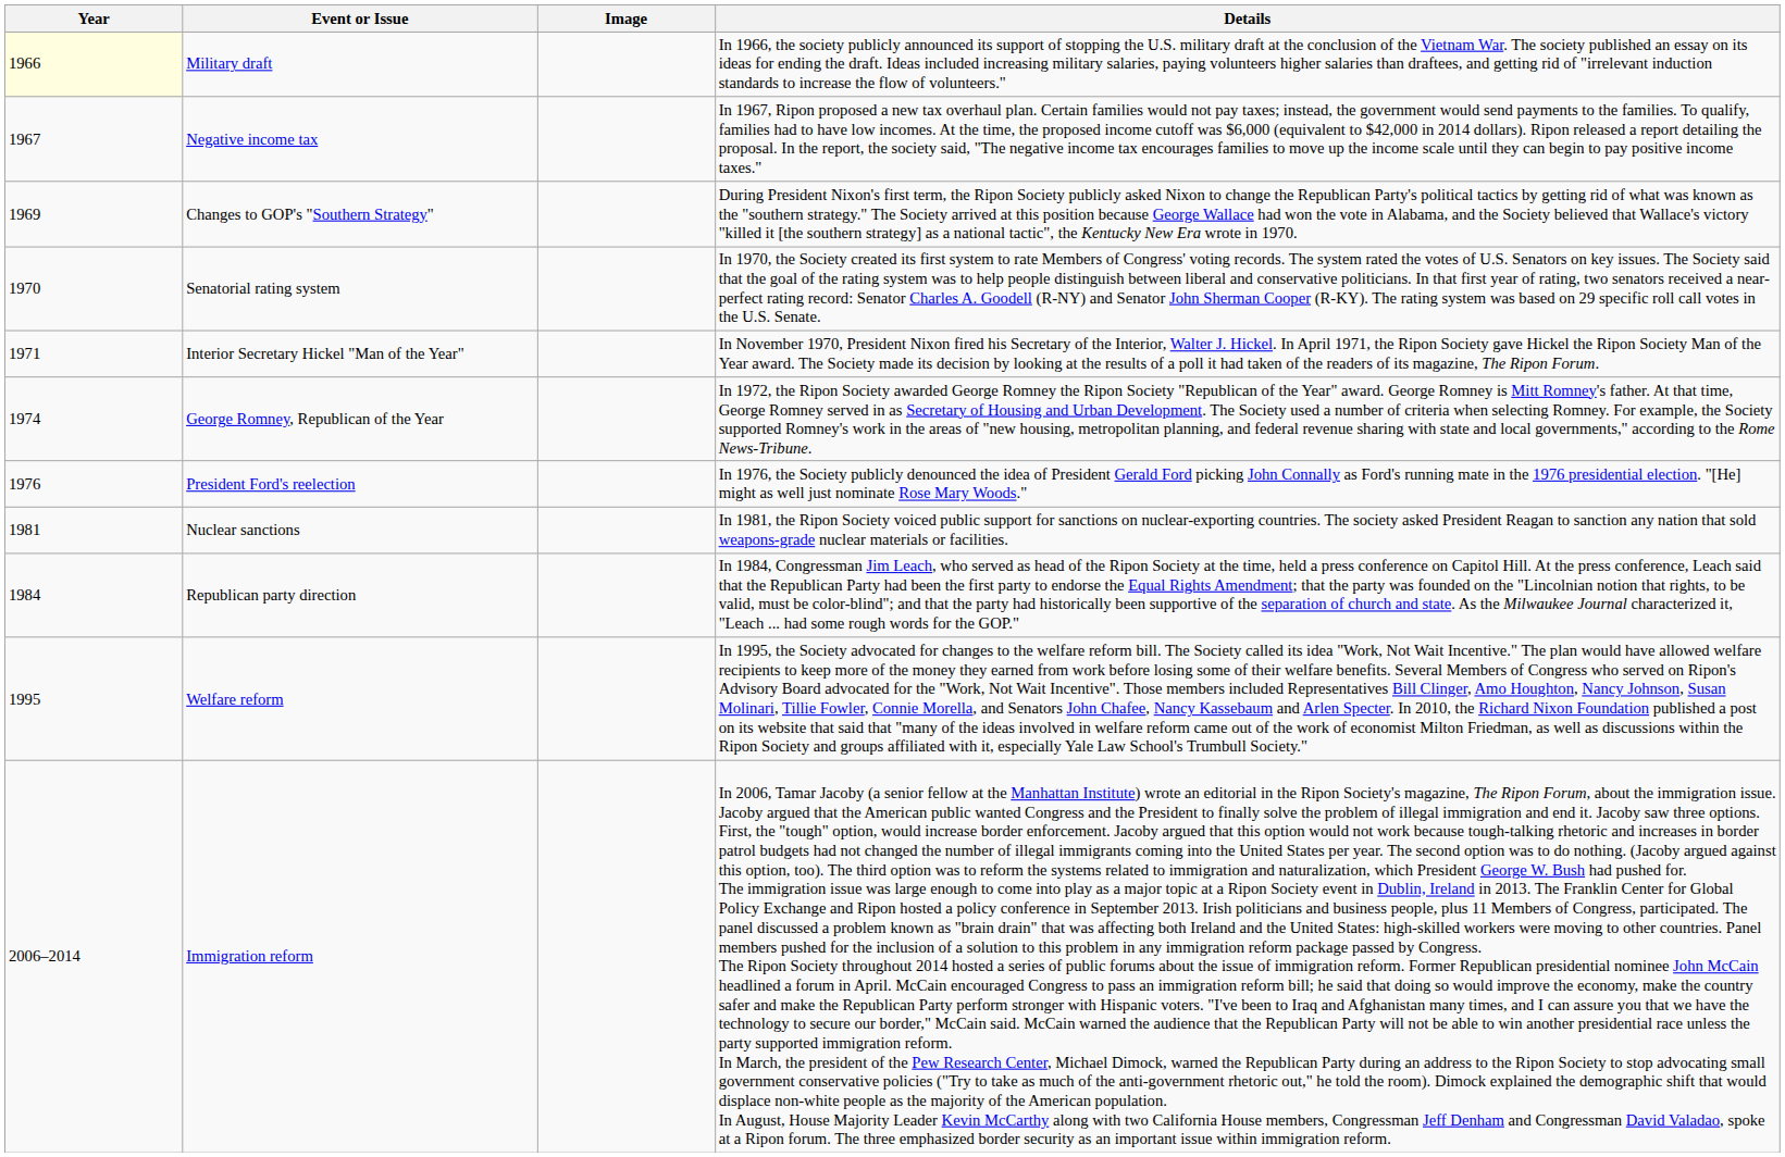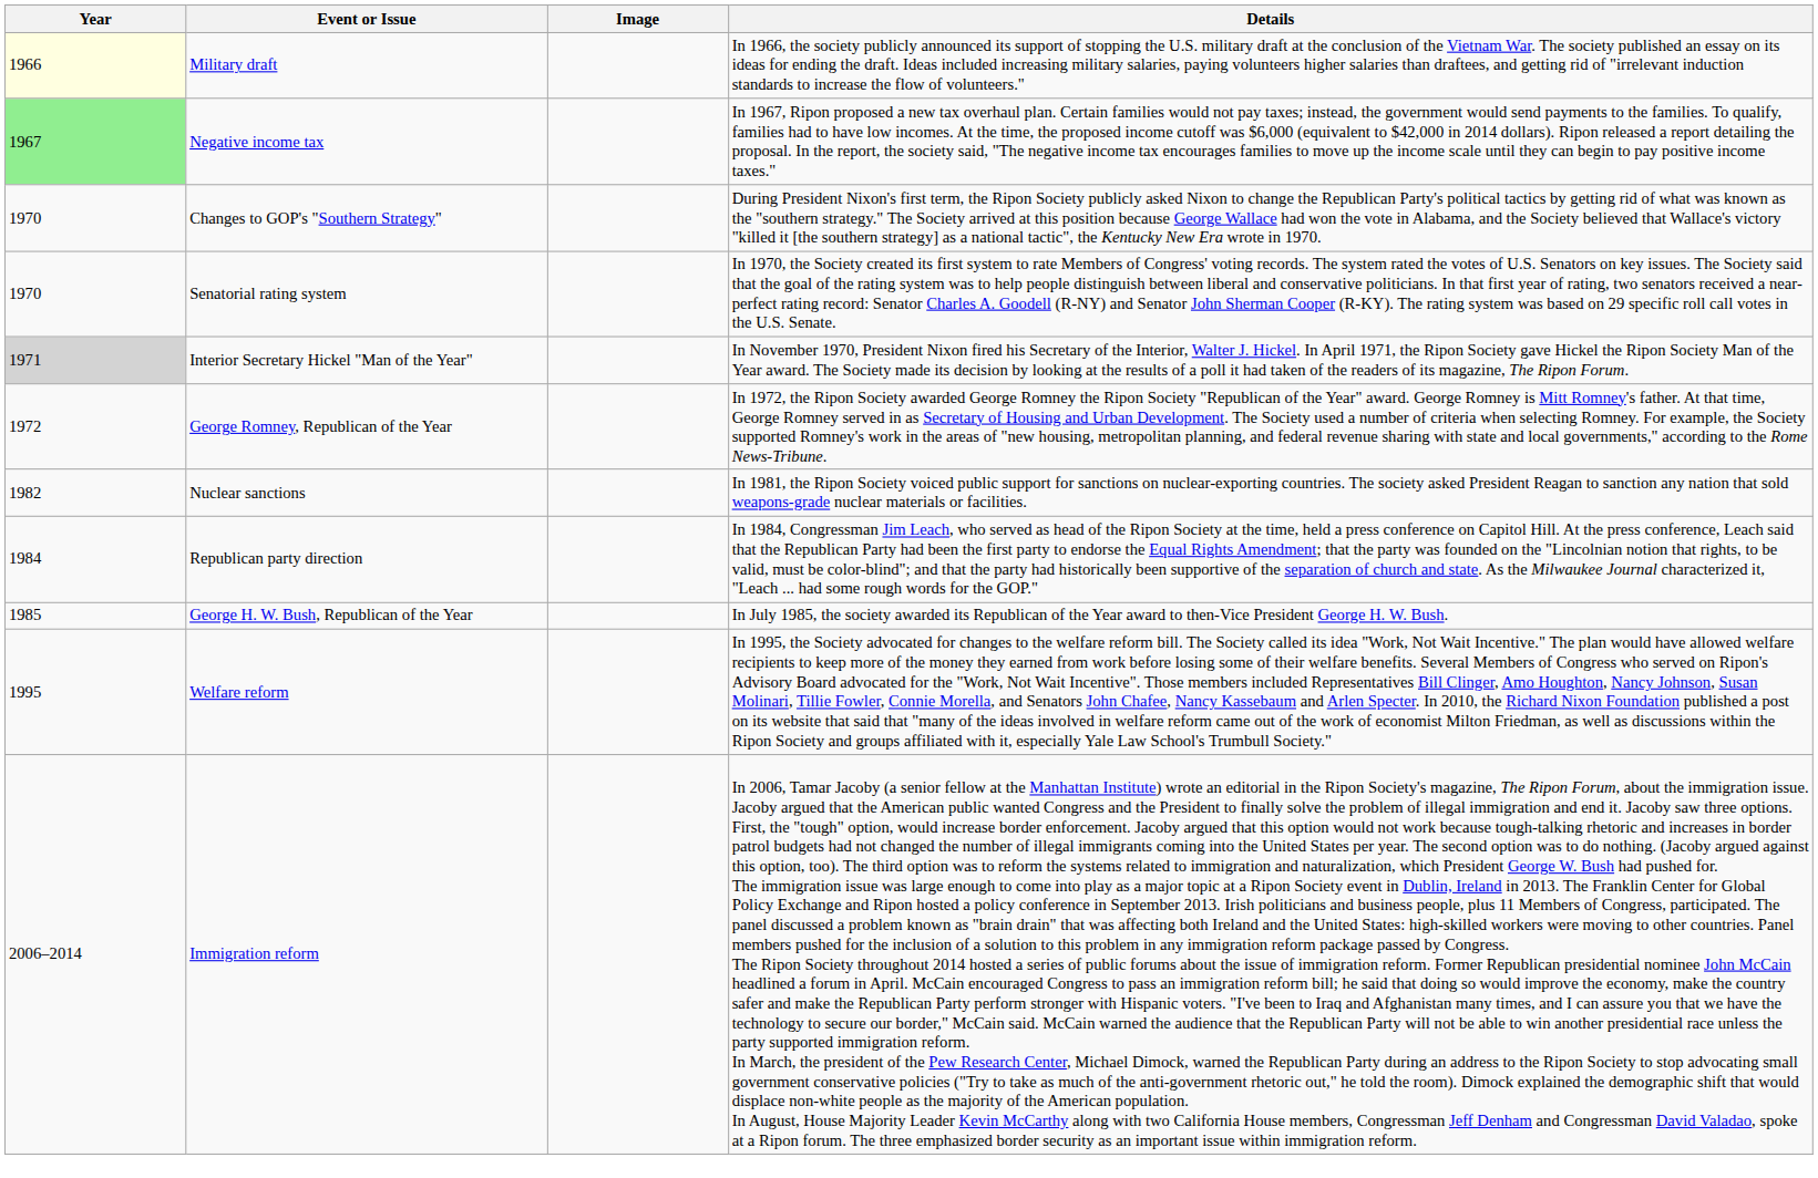 <table border="1" class="wikitable" style="font-size:88%;">
 <tr>
 <th scope="col" width="10%">Year</th>
 <th scope="col" width="20%">Event or Issue</th>
 <th scope="col" width="10%">Image</th>
 <th scope="col" width="60%">Details</th>
 </tr>
 <tr>
 <td style="background: lightyellow;">1966</td>
 <td><a href='#'>Military draft</a></td>
 <td><br></td>
 <td>In 1966, the society publicly announced its support of stopping the U.S. military draft at the conclusion of the <a href='#'>Vietnam War</a>. The society published an essay on its ideas for ending the draft. Ideas included increasing military salaries, paying volunteers higher salaries than draftees, and getting rid of "irrelevant induction standards to increase the flow of volunteers."</td>
 </tr>
 <tr>
-<td>1967</td>
+<td style="background: lightgreen;">1967</td>
 <td><a href='#'>Negative income tax</a></td>
 <td><br></td>
 <td>In 1967, Ripon proposed a new tax overhaul plan. Certain families would not pay taxes; instead, the government would send payments to the families. To qualify, families had to have low incomes. At the time, the proposed income cutoff was $6,000 (equivalent to $42,000 in 2014 dollars). Ripon released a report detailing the proposal. In the report, the society said, "The negative income tax encourages families to move up the income scale until they can begin to pay positive income taxes."</td>
 </tr>
 <tr>
-<td>1969</td>
+<td>1970</td>
 <td>Changes to GOP's "<a href='#'>Southern Strategy</a>"</td>
 <td><br></td>
 <td>During President Nixon's first term, the Ripon Society publicly asked Nixon to change the Republican Party's political tactics by getting rid of what was known as the "southern strategy." The Society arrived at this position because <a href='#'>George Wallace</a> had won the vote in Alabama, and the Society believed that Wallace's victory "killed it [the southern strategy] as a national tactic", the <em>Kentucky New Era</em> wrote in 1970.</td>
 </tr>
 <tr>
 <td>1970</td>
 <td>Senatorial rating system</td>
 <td><br></td>
 <td>In 1970, the Society created its first system to rate Members of Congress' voting records. The system rated the votes of U.S. Senators on key issues. The Society said that the goal of the rating system was to help people distinguish between liberal and conservative politicians. In that first year of rating, two senators received a near-perfect rating record: Senator <a href='#'>Charles A. Goodell</a> (R-NY) and Senator <a href='#'>John Sherman Cooper</a> (R-KY). The rating system was based on 29 specific roll call votes in the U.S. Senate.</td>
 </tr>
 <tr>
-<td>1971</td>
+<td style="background: lightgrey;">1971</td>
 <td>Interior Secretary Hickel "Man of the Year"</td>
 <td><br></td>
 <td>In November 1970, President Nixon fired his Secretary of the Interior, <a href='#'>Walter J. Hickel</a>. In April 1971, the Ripon Society gave Hickel the Ripon Society Man of the Year award. The Society made its decision by looking at the results of a poll it had taken of the readers of its magazine, <em>The Ripon Forum</em>.</td>
 </tr>
 <tr>
-<td>1974</td>
+<td>1972</td>
 <td><a href='#'>George Romney</a>, Republican of the Year</td>
 <td><br></td>
 <td>In 1972, the Ripon Society awarded George Romney the Ripon Society "Republican of the Year" award. George Romney is <a href='#'>Mitt Romney</a>'s father. At that time, George Romney served in as <a href='#'>Secretary of Housing and Urban Development</a>. The Society used a number of criteria when selecting Romney. For example, the Society supported Romney's work in the areas of "new housing, metropolitan planning, and federal revenue sharing with state and local governments," according to the <em>Rome News-Tribune</em>.</td>
 </tr>
 <tr>
-<td>1976</td>
-<td><a href='#'>President Ford's reelection</a></td>
-<td><br></td>
-<td>In 1976, the Society publicly denounced the idea of President <a href='#'>Gerald Ford</a> picking <a href='#'>John Connally</a> as Ford's running mate in the <a href='#'>1976 presidential election</a>. "[He] might as well just nominate <a href='#'>Rose Mary Woods</a>."</td>
-</tr>
-<tr>
-<td>1981</td>
+<td>1982</td>
 <td>Nuclear sanctions</td>
 <td><br></td>
 <td>In 1981, the Ripon Society voiced public support for sanctions on nuclear-exporting countries. The society asked President Reagan to sanction any nation that sold <a href='#'>weapons-grade</a> nuclear materials or facilities.</td>
 </tr>
 <tr>
 <td>1984</td>
 <td>Republican party direction</td>
 <td><br> </td>
 <td>In 1984, Congressman <a href='#'>Jim Leach</a>, who served as head of the Ripon Society at the time, held a press conference on Capitol Hill. At the press conference, Leach said that the Republican Party had been the first party to endorse the <a href='#'>Equal Rights Amendment</a>; that the party was founded on the "Lincolnian notion that rights, to be valid, must be color-blind"; and that the party had historically been supportive of the <a href='#'>separation of church and state</a>. As the <em>Milwaukee Journal</em> characterized it, "Leach ... had some rough words for the GOP."</td>
+</tr>
+<tr>
+<td>1985</td>
+<td><a href='#'>George H. W. Bush</a>, Republican of the Year</td>
+<td><br></td>
+<td>In July 1985, the society awarded its Republican of the Year award to then-Vice President <a href='#'>George H. W. Bush</a>.</td>
 </tr>
 <tr>
 <td>1995</td>
 <td><a href='#'>Welfare reform</a></td>
 <td><br></td>
 <td>In 1995, the Society advocated for changes to the welfare reform bill. The Society called its idea "Work, Not Wait Incentive." The plan would have allowed welfare recipients to keep more of the money they earned from work before losing some of their welfare benefits. Several Members of Congress who served on Ripon's Advisory Board advocated for the "Work, Not Wait Incentive". Those members included Representatives <a href='#'>Bill Clinger</a>, <a href='#'>Amo Houghton</a>, <a href='#'>Nancy Johnson</a>, <a href='#'>Susan Molinari</a>, <a href='#'>Tillie Fowler</a>, <a href='#'>Connie Morella</a>, and Senators <a href='#'>John Chafee</a>, <a href='#'>Nancy Kassebaum</a> and <a href='#'>Arlen Specter</a>. In 2010, the <a href='#'>Richard Nixon Foundation</a> published a post on its website that said that "many of the ideas involved in welfare reform came out of the work of economist Milton Friedman, as well as discussions within the Ripon Society and groups affiliated with it, especially Yale Law School's Trumbull Society."</td>
 </tr>
 <tr>
 <td>2006–2014</td>
 <td><a href='#'>Immigration reform</a></td>
 <td><br>  </td>
 <td><br>In 2006, Tamar Jacoby (a senior fellow at the <a href='#'>Manhattan Institute</a>) wrote an editorial in the Ripon Society's magazine, <em>The Ripon Forum</em>, about the immigration issue. Jacoby argued that the American public wanted Congress and the President to finally solve the problem of illegal immigration and end it. Jacoby saw three options. First, the "tough" option, would increase border enforcement. Jacoby argued that this option would not work because tough-talking rhetoric and increases in border patrol budgets had not changed the number of illegal immigrants coming into the United States per year. The second option was to do nothing. (Jacoby argued against this option, too). The third option was to reform the systems related to immigration and naturalization, which President <a href='#'>George W. Bush</a> had pushed for.<br>The immigration issue was large enough to come into play as a major topic at a Ripon Society event in <a href='#'>Dublin, Ireland</a> in 2013. The Franklin Center for Global Policy Exchange and Ripon hosted a policy conference in September 2013. Irish politicians and business people, plus 11 Members of Congress, participated. The panel discussed a problem known as "brain drain" that was affecting both Ireland and the United States: high-skilled workers were moving to other countries. Panel members pushed for the inclusion of a solution to this problem in any immigration reform package passed by Congress.<br>The Ripon Society throughout 2014 hosted a series of public forums about the issue of immigration reform. Former Republican presidential nominee <a href='#'>John McCain</a> headlined a forum in April. McCain encouraged Congress to pass an immigration reform bill; he said that doing so would improve the economy, make the country safer and make the Republican Party perform stronger with Hispanic voters. "I've been to Iraq and Afghanistan many times, and I can assure you that we have the technology to secure our border," McCain said. McCain warned the audience that the Republican Party will not be able to win another presidential race unless the party supported immigration reform.<br>In March, the president of the <a href='#'>Pew Research Center</a>, Michael Dimock, warned the Republican Party during an address to the Ripon Society to stop advocating small government conservative policies ("Try to take as much of the anti-government rhetoric out," he told the room). Dimock explained the demographic shift that would displace non-white people as the majority of the American population.<br>In August, House Majority Leader <a href='#'>Kevin McCarthy</a> along with two California House members, Congressman <a href='#'>Jeff Denham</a> and Congressman <a href='#'>David Valadao</a>, spoke at a Ripon forum. The three emphasized border security as an important issue within immigration reform.</td>
 </tr>
 </table>
